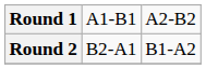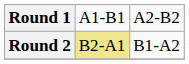 <table class="wikitable">
 <tr>
 <th scope="row">Round 1</th>
 <td>A1-B1</td>
 <td>A2-B2</td>
 </tr>
 <tr>
 <th scope="row">Round 2</th>
-<td>B2-A1</td>
+<td style="background: khaki;">B2-A1</td>
 <td>B1-A2</td>
 </tr>
 <tr>
 </tr>
 </table>
